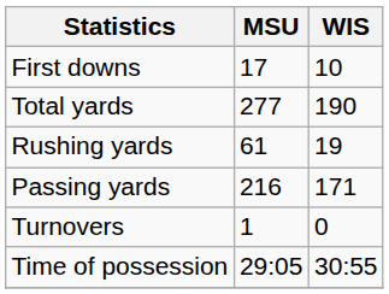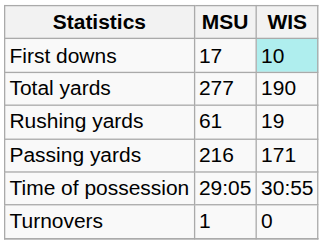 <table class="wikitable" style="float: left;">
 <tr>
 <th>Statistics</th>
 <th>MSU</th>
 <th>WIS</th>
 </tr>
 <tr>
 <td>First downs</td>
 <td>17</td>
-<td>10</td>
+<td style="background: paleturquoise;">10</td>
 </tr>
 <tr>
 <td>Total yards</td>
 <td>277</td>
 <td>190</td>
 </tr>
 <tr>
 <td>Rushing yards</td>
 <td>61</td>
 <td>19</td>
 </tr>
 <tr>
 <td>Passing yards</td>
 <td>216</td>
 <td>171</td>
 </tr>
 <tr>
+<td>Time of possession</td>
+<td>29:05</td>
+<td>30:55</td>
+</tr>
+<tr>
 <td>Turnovers</td>
 <td>1</td>
 <td>0</td>
 </tr>
 <tr>
-<td>Time of possession</td>
-<td>29:05</td>
-<td>30:55</td>
-</tr>
-<tr>
 </tr>
 </table>
